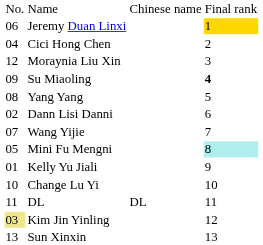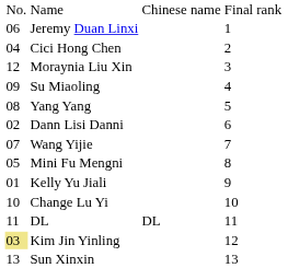 <table ->
 <tr>
 <td>No.</td>
 <td>Name</td>
 <td>Chinese name</td>
 <td>Final rank</td>
 </tr>
 <tr>
 <td>06</td>
 <td>Jeremy <a href='#'>Duan Linxi</a></td>
 <td></td>
-<td style="background: gold;">1</td>
+<td>1</td>
 </tr>
 <tr>
 <td>04</td>
 <td>Cici Hong Chen</td>
 <td></td>
 <td>2</td>
 </tr>
 <tr>
 <td>12</td>
 <td>Moraynia Liu Xin</td>
 <td></td>
 <td>3</td>
 </tr>
 <tr>
 <td>09</td>
 <td>Su Miaoling</td>
 <td></td>
-<td><strong>4</strong></td>
+<td>4</td>
 </tr>
 <tr>
 <td>08</td>
 <td>Yang Yang</td>
 <td></td>
 <td>5</td>
 </tr>
 <tr>
 <td>02</td>
 <td>Dann Lisi Danni</td>
 <td></td>
 <td>6</td>
 </tr>
 <tr>
 <td>07</td>
 <td>Wang Yijie</td>
 <td></td>
 <td>7</td>
 </tr>
 <tr>
 <td>05</td>
 <td>Mini Fu Mengni</td>
 <td></td>
-<td style="background: paleturquoise;">8</td>
+<td>8</td>
 </tr>
 <tr>
 <td>01</td>
 <td>Kelly Yu Jiali</td>
 <td></td>
 <td>9</td>
 </tr>
 <tr>
 <td>10</td>
 <td>Change Lu Yi</td>
 <td></td>
 <td>10</td>
 </tr>
 <tr>
 <td>11</td>
 <td>DL</td>
 <td>DL</td>
 <td>11</td>
 </tr>
 <tr>
 <td style="background: khaki;">03</td>
 <td>Kim Jin Yinling</td>
 <td></td>
 <td>12</td>
 </tr>
 <tr>
 <td>13</td>
 <td>Sun Xinxin</td>
 <td></td>
 <td>13</td>
 </tr>
 </table>
